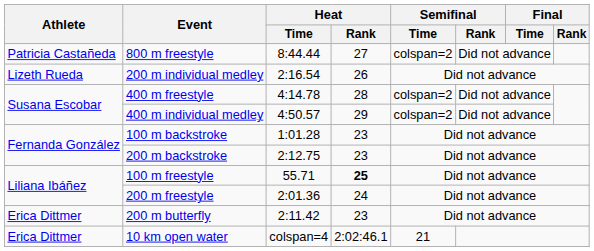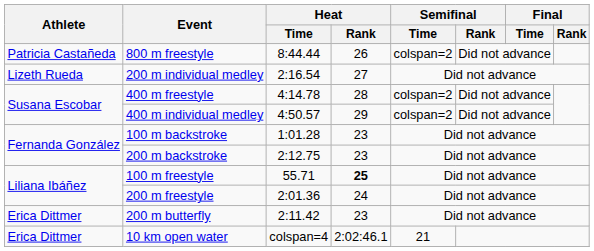 <table class=wikitable style="font-size:90%">
 <tr>
 <th rowspan="2">Athlete</th>
 <th rowspan="2">Event</th>
 <th colspan="2">Heat</th>
 <th colspan="2">Semifinal</th>
 <th colspan="2">Final</th>
 </tr>
 <tr style="font-size:95%">
 <th>Time</th>
 <th>Rank</th>
 <th>Time</th>
 <th>Rank</th>
 <th>Time</th>
 <th>Rank</th>
 </tr>
 <tr align=center>
 <td align=left><a href='#'>Patricia Castañeda</a></td>
 <td align=left><a href='#'>800 m freestyle</a></td>
 <td>8:44.44</td>
-<td>27</td>
+<td>26</td>
 <td>colspan=2 </td>
 <td colspan=2>Did not advance</td>
 </tr>
 <tr align=center>
 <td align=left><a href='#'>Lizeth Rueda</a></td>
 <td align=left><a href='#'>200 m individual medley</a></td>
 <td>2:16.54</td>
-<td>26</td>
+<td>27</td>
 <td colspan=4>Did not advance</td>
 </tr>
 <tr align=center>
 <td align=left rowspan=2><a href='#'>Susana Escobar</a></td>
 <td align=left><a href='#'>400 m freestyle</a></td>
 <td>4:14.78</td>
 <td>28</td>
 <td>colspan=2 </td>
 <td colspan=2>Did not advance</td>
 </tr>
 <tr align=center>
 <td align=left><a href='#'>400 m individual medley</a></td>
 <td>4:50.57</td>
 <td>29</td>
 <td>colspan=2 </td>
 <td colspan=2>Did not advance</td>
 </tr>
 <tr align=center>
 <td align=left rowspan=2><a href='#'>Fernanda González</a></td>
 <td align=left><a href='#'>100 m backstroke</a></td>
 <td>1:01.28</td>
 <td>23</td>
 <td colspan=4>Did not advance</td>
 </tr>
 <tr align=center>
 <td align=left><a href='#'>200 m backstroke</a></td>
 <td>2:12.75</td>
 <td>23</td>
 <td colspan=4>Did not advance</td>
 </tr>
 <tr align=center>
 <td align=left rowspan=2><a href='#'>Liliana Ibáñez</a></td>
 <td align=left><a href='#'>100 m freestyle</a></td>
 <td>55.71</td>
 <td><strong>25</strong></td>
 <td colspan=4>Did not advance</td>
 </tr>
 <tr align=center>
 <td align=left><a href='#'>200 m freestyle</a></td>
 <td>2:01.36</td>
 <td>24</td>
 <td colspan=4>Did not advance</td>
 </tr>
 <tr align=center>
 <td align=left><a href='#'>Erica Dittmer</a></td>
 <td align=left><a href='#'>200 m butterfly</a></td>
 <td>2:11.42</td>
 <td>23</td>
 <td colspan=4>Did not advance</td>
 </tr>
 <tr align=center>
 <td align=left><a href='#'>Erica Dittmer</a></td>
 <td align=left><a href='#'>10 km open water</a></td>
 <td>colspan=4 </td>
 <td>2:02:46.1</td>
 <td>21</td>
 </tr>
 </table>
